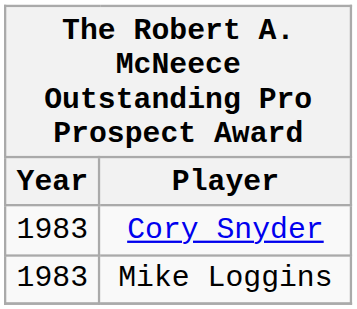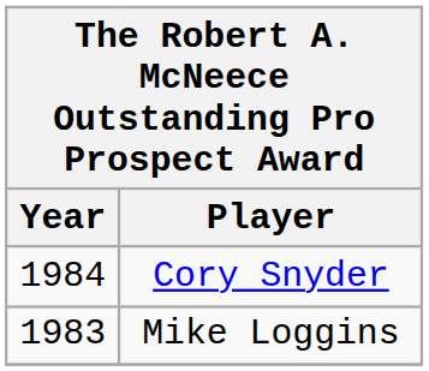 <table class="wikitable" style="display: inline-table; margin-right: 20px; text-align:center">
 <tr>
 <th scope="col" colspan="2" style="width: 145px;">The Robert A. McNeece Outstanding Pro Prospect Award</th>
 </tr>
 <tr>
 <th scope="col">Year</th>
 <th scope="col">Player</th>
 </tr>
 <tr>
-<td>1983</td>
+<td>1984</td>
 <td><a href='#'>Cory Snyder</a></td>
 </tr>
 <tr>
 <td>1983</td>
 <td>Mike Loggins</td>
 </tr>
 <tr>
 </tr>
 </table>
